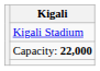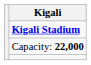 <table class="wikitable">
 <tr>
 <th rowspan="4"></th>
 <th>Kigali</th>
 </tr>
 <tr>
-<td><a href='#'>Kigali Stadium</a></td>
+<td><strong><a href='#'>Kigali Stadium</a></strong></td>
 </tr>
 <tr>
 <td>Capacity: <strong>22,000</strong></td>
 </tr>
 <tr>
 <td></td>
 </tr>
 </table>
